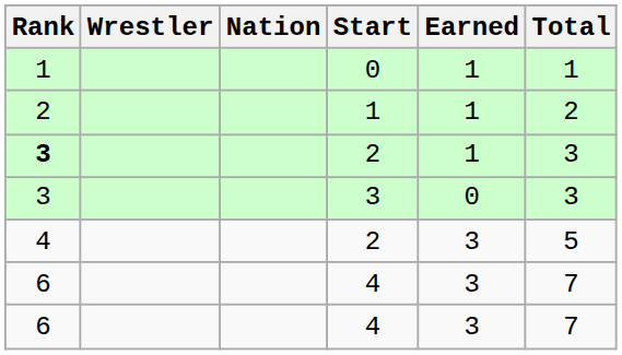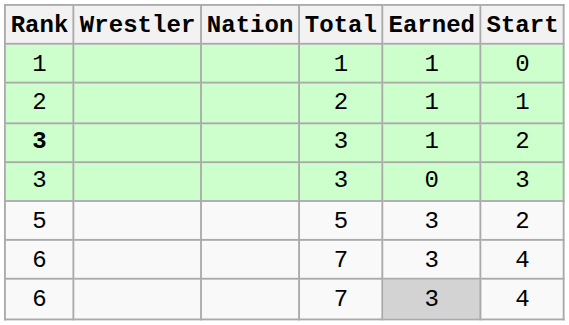 <table class="wikitable sortable" style="text-align:center;">
 <tr>
 <th>Rank</th>
 <th>Wrestler</th>
 <th>Nation</th>
+<th>Total</th>
+<th>Earned</th>
 <th>Start</th>
-<th>Earned</th>
-<th>Total</th>
 </tr>
 <tr style="background:#cfc;">
 <td>1</td>
 <td align=left></td>
 <td align=left></td>
-<td>0</td>
 <td>1</td>
 <td>1</td>
+<td>0</td>
 </tr>
 <tr style="background:#cfc;">
 <td>2</td>
 <td align=left></td>
 <td align=left></td>
+<td>2</td>
 <td>1</td>
 <td>1</td>
-<td>2</td>
 </tr>
 <tr style="background:#cfc;">
 <td><strong>3</strong></td>
 <td align=left></td>
 <td align=left></td>
+<td>3</td>
+<td>1</td>
 <td>2</td>
-<td>1</td>
-<td>3</td>
 </tr>
 <tr style="background:#cfc;">
 <td>3</td>
 <td align=left></td>
 <td align=left></td>
 <td>3</td>
 <td>0</td>
 <td>3</td>
 </tr>
 <tr>
-<td>4</td>
+<td>5</td>
 <td align=left></td>
 <td align=left></td>
+<td>5</td>
+<td>3</td>
 <td>2</td>
-<td>3</td>
-<td>5</td>
 </tr>
 <tr>
 <td>6</td>
 <td align=left></td>
 <td align=left></td>
+<td>7</td>
+<td>3</td>
 <td>4</td>
-<td>3</td>
-<td>7</td>
 </tr>
 <tr>
 <td>6</td>
 <td align=left></td>
 <td align=left></td>
+<td>7</td>
+<td style="background: lightgrey;">3</td>
 <td>4</td>
-<td>3</td>
-<td>7</td>
 </tr>
 </table>
